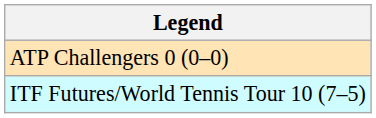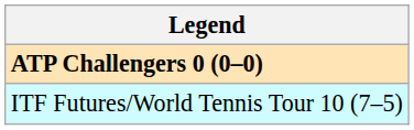 <table class=wikitable style=font-size:97%>
 <tr>
 <th>Legend</th>
 </tr>
 <tr style="background:moccasin;">
-<td>ATP Challengers 0 (0–0)</td>
+<td><strong>ATP Challengers 0 (0–0)</strong></td>
 </tr>
 <tr style="background:#cffcff;">
 <td>ITF Futures/World Tennis Tour 10 (7–5)</td>
 </tr>
 </table>
